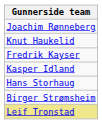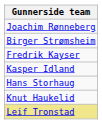 <table class="wikitable" style="display: inline-table;">
 <tr>
 <th>Gunnerside team</th>
 </tr>
 <tr>
 <td><a href='#'>Joachim Rønneberg</a></td>
 </tr>
 <tr>
-<td><a href='#'>Knut Haukelid</a></td>
+<td><a href='#'>Birger Strømsheim</a></td>
 </tr>
 <tr>
 <td><a href='#'>Fredrik Kayser</a></td>
 </tr>
 <tr>
 <td><a href='#'>Kasper Idland</a></td>
 </tr>
 <tr>
 <td><a href='#'>Hans Storhaug</a></td>
 </tr>
 <tr>
-<td><a href='#'>Birger Strømsheim</a></td>
+<td><a href='#'>Knut Haukelid</a></td>
 </tr>
 <tr>
 <td style="background: khaki;"><a href='#'>Leif Tronstad</a></td>
 </tr>
 </table>
